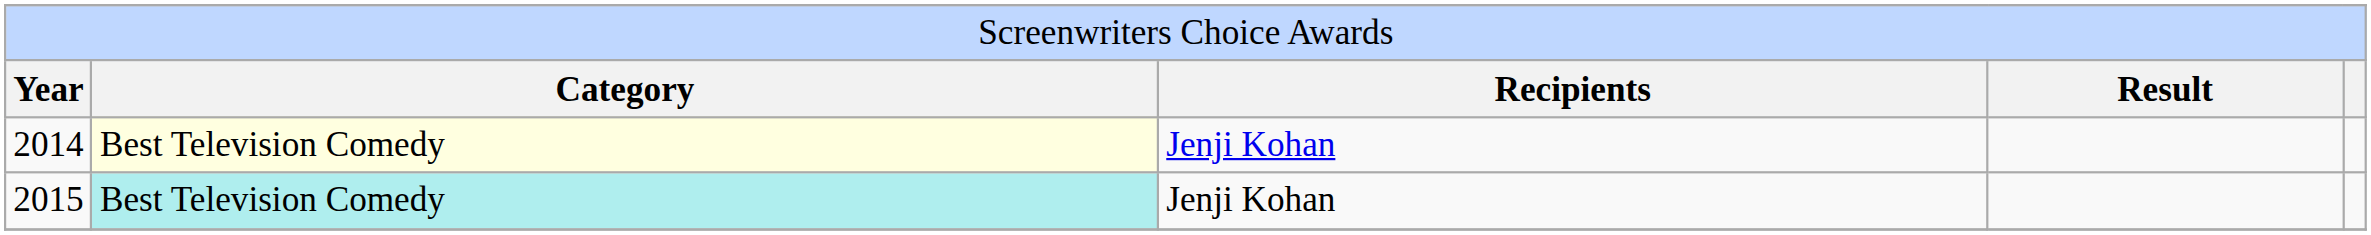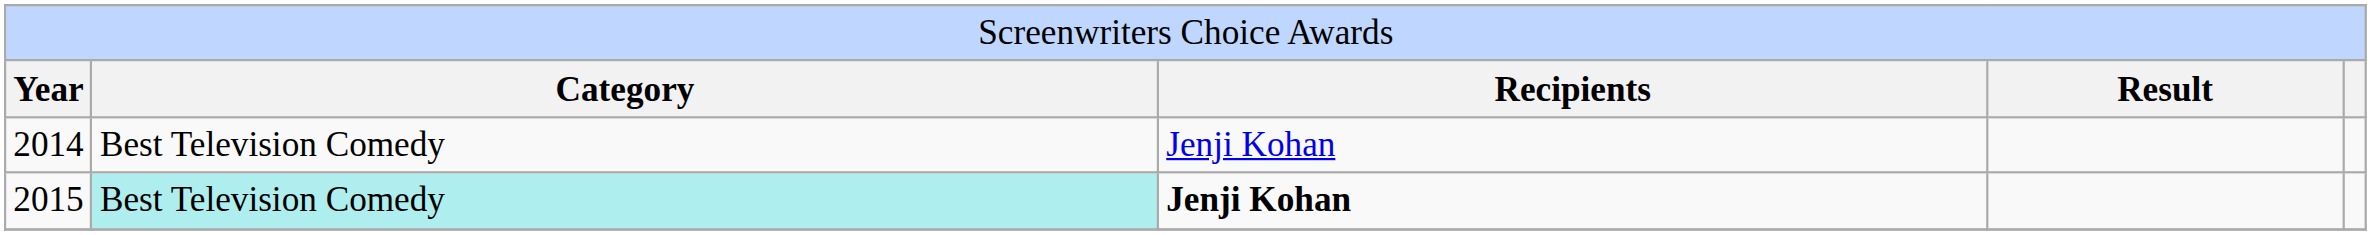 <table class="wikitable plainrowheaders" style="font-size: 100%; width:85%">
 <tr>
 </tr>
 <tr ---- bgcolor="#bfd7ff">
 <td colspan=6 align=center>Screenwriters Choice Awards</td>
 </tr>
 <tr ---- bgcolor="#ebf5ff">
 <th scope="col" style="width:2%;">Year</th>
 <th scope="col" style="width:45%;">Category</th>
 <th scope="col" style="width:35%;">Recipients</th>
 <th scope="col" style="width:15%;">Result</th>
 <th scope="col" class="unsortable" style="width:1%;"></th>
 </tr>
 <tr>
 <td style="text-align:center;">2014</td>
-<td style="background: lightyellow;">Best Television Comedy</td>
+<td>Best Television Comedy</td>
 <td><a href='#'>Jenji Kohan</a></td>
 <td></td>
 <td></td>
 </tr>
 <tr>
 <td style="text-align:center;">2015</td>
 <td style="background: paleturquoise;">Best Television Comedy</td>
-<td>Jenji Kohan</td>
+<td><strong>Jenji Kohan</strong></td>
 <td></td>
 <td></td>
 </tr>
 <tr>
 </tr>
 </table>
